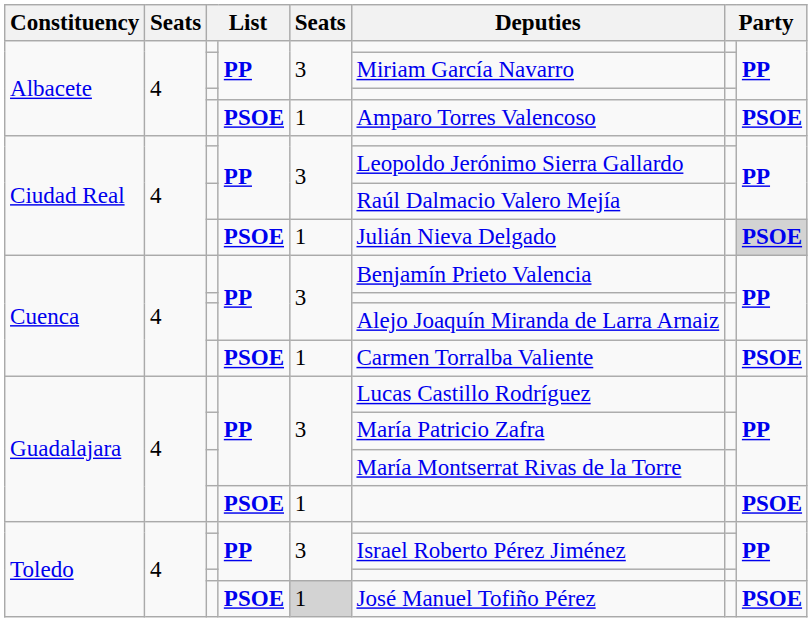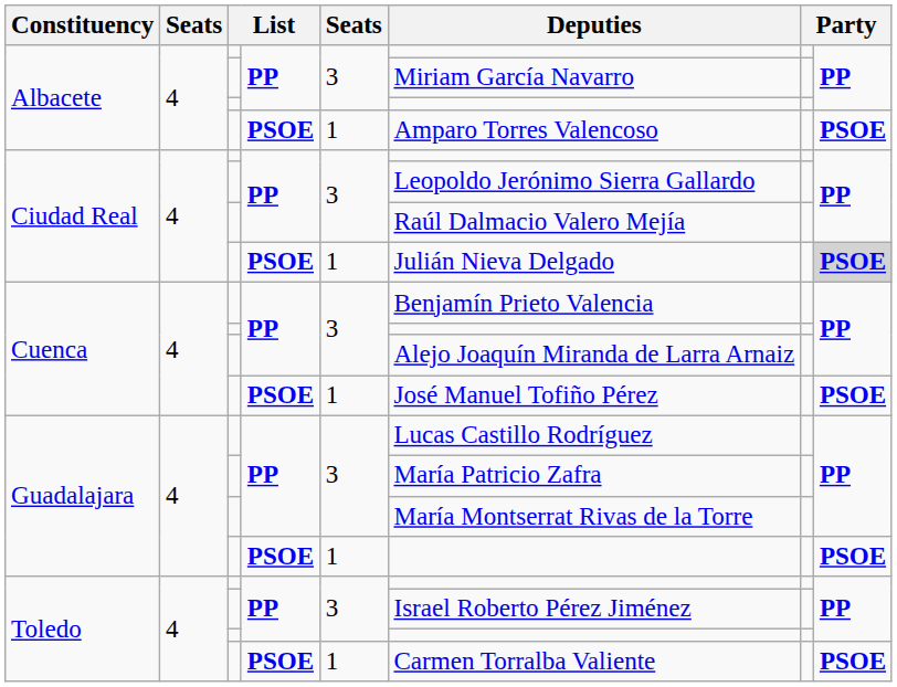 <table class="wikitable sortable">
 <tr>
 <th>Constituency</th>
 <th>Seats</th>
 <th colspan="2">List</th>
 <th>Seats</th>
 <th>Deputies</th>
 <th colspan="2">Party</th>
 </tr>
 <tr>
 <td rowspan="4"><a href='#'>Albacete</a></td>
 <td rowspan="4">4</td>
 <td></td>
 <td rowspan="3"><strong><a href='#'>PP</a></strong></td>
 <td rowspan="3">3</td>
 <td></td>
 <td></td>
 <td rowspan="3"><strong><a href='#'>PP</a></strong></td>
 </tr>
 <tr>
 <td></td>
 <td><a href='#'>Miriam García Navarro</a></td>
 <td></td>
 </tr>
 <tr>
 <td></td>
 <td></td>
 <td></td>
 </tr>
 <tr>
 <td width="1"></td>
 <td><strong><a href='#'>PSOE</a></strong></td>
 <td>1</td>
 <td><a href='#'>Amparo Torres Valencoso</a></td>
 <td width="1"></td>
 <td><strong><a href='#'>PSOE</a></strong></td>
 </tr>
 <tr>
 <td rowspan="4"><a href='#'>Ciudad Real</a></td>
 <td rowspan="4">4</td>
 <td></td>
 <td rowspan="3"><strong><a href='#'>PP</a></strong></td>
 <td rowspan="3">3</td>
 <td></td>
 <td></td>
 <td rowspan="3"><strong><a href='#'>PP</a></strong></td>
 </tr>
 <tr>
 <td></td>
 <td><a href='#'>Leopoldo Jerónimo Sierra Gallardo</a></td>
 <td></td>
 </tr>
 <tr>
 <td></td>
 <td><a href='#'>Raúl Dalmacio Valero Mejía</a></td>
 <td></td>
 </tr>
 <tr>
 <td width="1"></td>
 <td><strong><a href='#'>PSOE</a></strong></td>
 <td>1</td>
 <td><a href='#'>Julián Nieva Delgado</a></td>
 <td width="1"></td>
 <td style="background: lightgrey;"><strong><a href='#'>PSOE</a></strong></td>
 </tr>
 <tr>
 <td rowspan="4"><a href='#'>Cuenca</a></td>
 <td rowspan="4">4</td>
 <td></td>
 <td rowspan="3"><strong><a href='#'>PP</a></strong></td>
 <td rowspan="3">3</td>
 <td><a href='#'>Benjamín Prieto Valencia</a></td>
 <td></td>
 <td rowspan="3"><strong><a href='#'>PP</a></strong></td>
 </tr>
 <tr>
 <td></td>
 <td></td>
 <td></td>
 </tr>
 <tr>
 <td></td>
 <td><a href='#'>Alejo Joaquín Miranda de Larra Arnaiz</a></td>
 <td></td>
 </tr>
 <tr>
 <td width="1"></td>
 <td><strong><a href='#'>PSOE</a></strong></td>
 <td>1</td>
-<td><a href='#'>Carmen Torralba Valiente</a></td>
+<td><a href='#'>José Manuel Tofiño Pérez</a></td>
 <td width="1"></td>
 <td><strong><a href='#'>PSOE</a></strong></td>
 </tr>
 <tr>
 <td rowspan="4"><a href='#'>Guadalajara</a></td>
 <td rowspan="4">4</td>
 <td></td>
 <td rowspan="3"><strong><a href='#'>PP</a></strong></td>
 <td rowspan="3">3</td>
 <td><a href='#'>Lucas Castillo Rodríguez</a></td>
 <td></td>
 <td rowspan="3"><strong><a href='#'>PP</a></strong></td>
 </tr>
 <tr>
 <td></td>
 <td><a href='#'>María Patricio Zafra</a></td>
 <td></td>
 </tr>
 <tr>
 <td></td>
 <td><a href='#'>María Montserrat Rivas de la Torre</a></td>
 <td></td>
 </tr>
 <tr>
 <td width="1"></td>
 <td><strong><a href='#'>PSOE</a></strong></td>
 <td>1</td>
 <td></td>
 <td width="1"></td>
 <td><strong><a href='#'>PSOE</a></strong></td>
 </tr>
 <tr>
 <td rowspan="4"><a href='#'>Toledo</a></td>
 <td rowspan="4">4</td>
 <td></td>
 <td rowspan="3"><strong><a href='#'>PP</a></strong></td>
 <td rowspan="3">3</td>
 <td></td>
 <td></td>
 <td rowspan="3"><strong><a href='#'>PP</a></strong></td>
 </tr>
 <tr>
 <td></td>
 <td><a href='#'>Israel Roberto Pérez Jiménez</a></td>
 <td></td>
 </tr>
 <tr>
 <td></td>
 <td></td>
 <td></td>
 </tr>
 <tr>
 <td width="1"></td>
 <td><strong><a href='#'>PSOE</a></strong></td>
-<td style="background: lightgrey;">1</td>
-<td><a href='#'>José Manuel Tofiño Pérez</a></td>
+<td>1</td>
+<td><a href='#'>Carmen Torralba Valiente</a></td>
 <td width="1"></td>
 <td><strong><a href='#'>PSOE</a></strong></td>
 </tr>
 </table>
